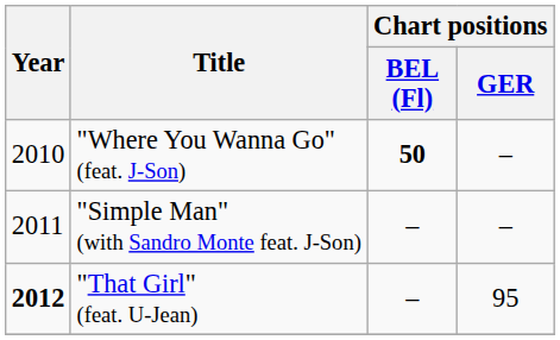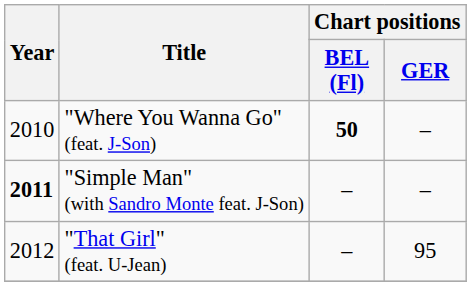 <table class="wikitable">
 <tr style="background-color:#efefef;">
 <th rowspan="2">Year</th>
 <th rowspan="2">Title</th>
 <th colspan="2">Chart positions</th>
 </tr>
 <tr style="background-color:#efefef;">
 <th><a href='#'>BEL<br>(Fl)</a><br></th>
 <th><a href='#'>GER</a><br></th>
 </tr>
 <tr>
 <td>2010</td>
 <td>"Where You Wanna Go" <br><small>(feat. <a href='#'>J-Son</a>)</small></td>
 <td align="center"><strong>50</strong></td>
 <td align="center">–</td>
 </tr>
 <tr>
-<td>2011</td>
+<td><strong>2011</strong></td>
 <td>"Simple Man" <br><small>(with <a href='#'>Sandro Monte</a> feat. J-Son)</small></td>
 <td align="center">–</td>
 <td align="center">–</td>
 </tr>
 <tr>
-<td><strong>2012</strong></td>
+<td>2012</td>
 <td>"<a href='#'>That Girl</a>" <br><small>(feat. U-Jean)</small></td>
 <td align="center">–</td>
 <td align="center">95</td>
 </tr>
 <tr>
 </tr>
 </table>
